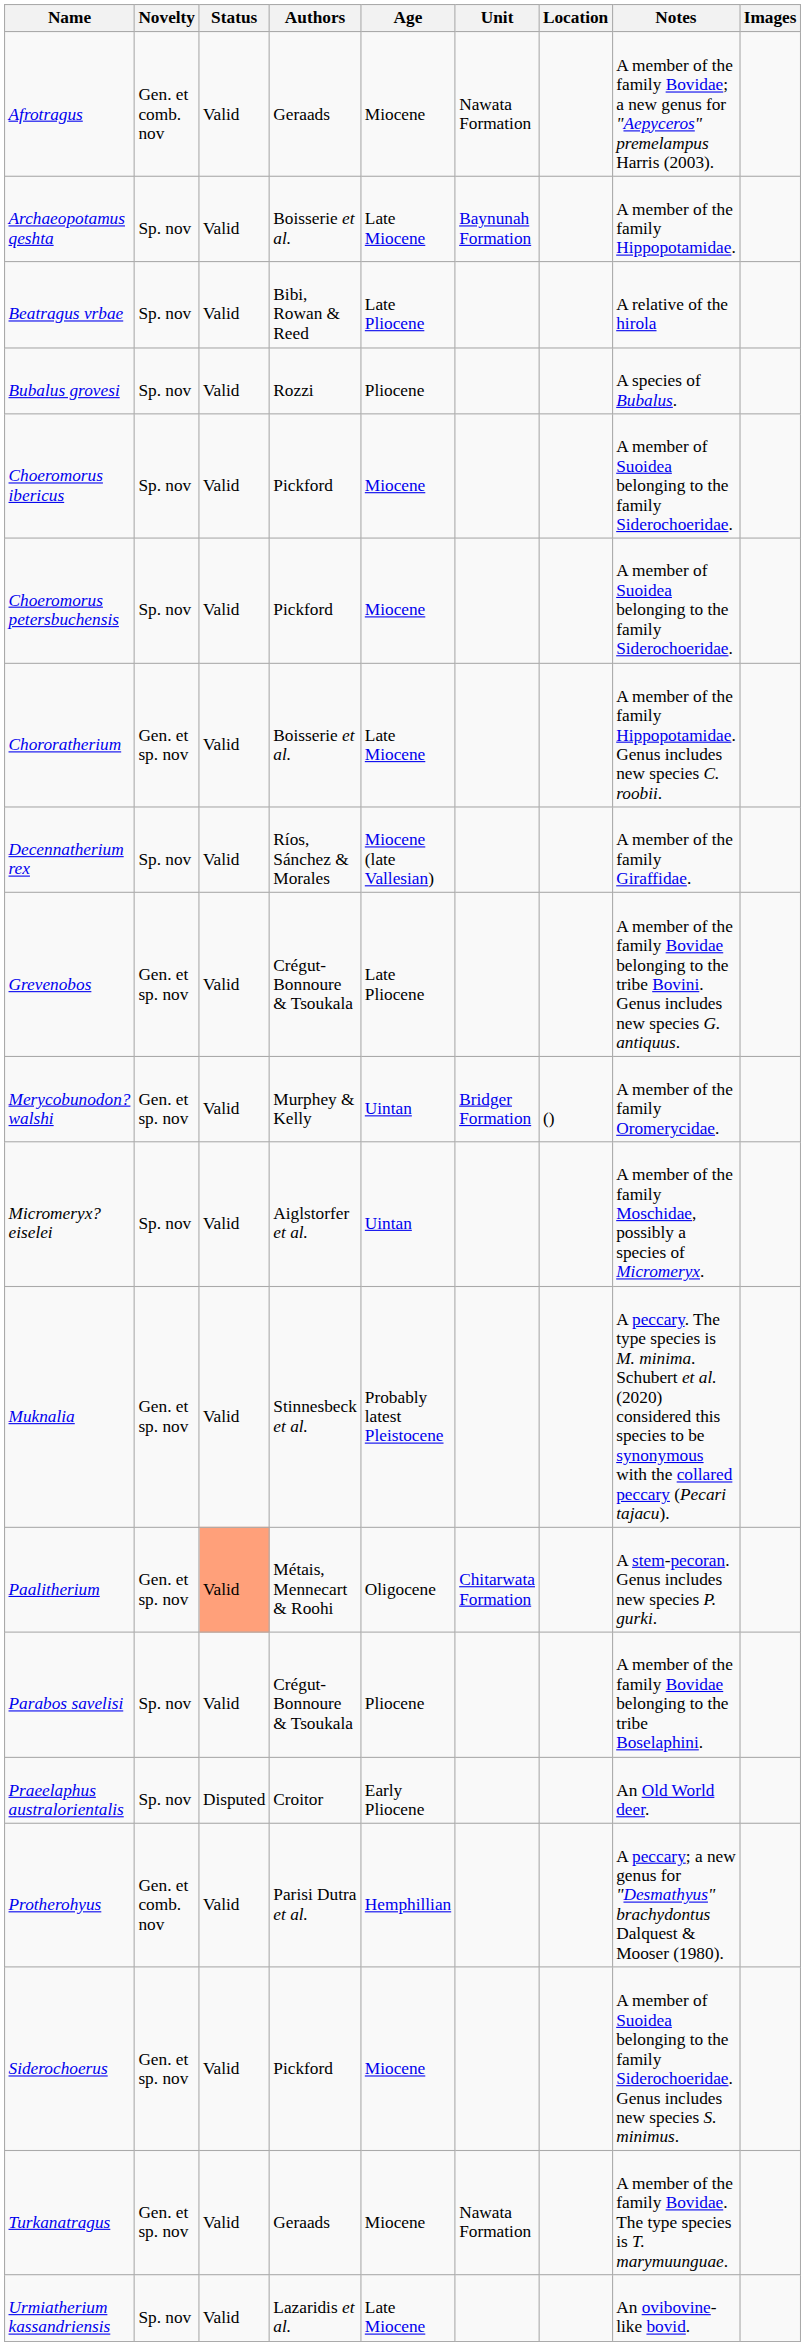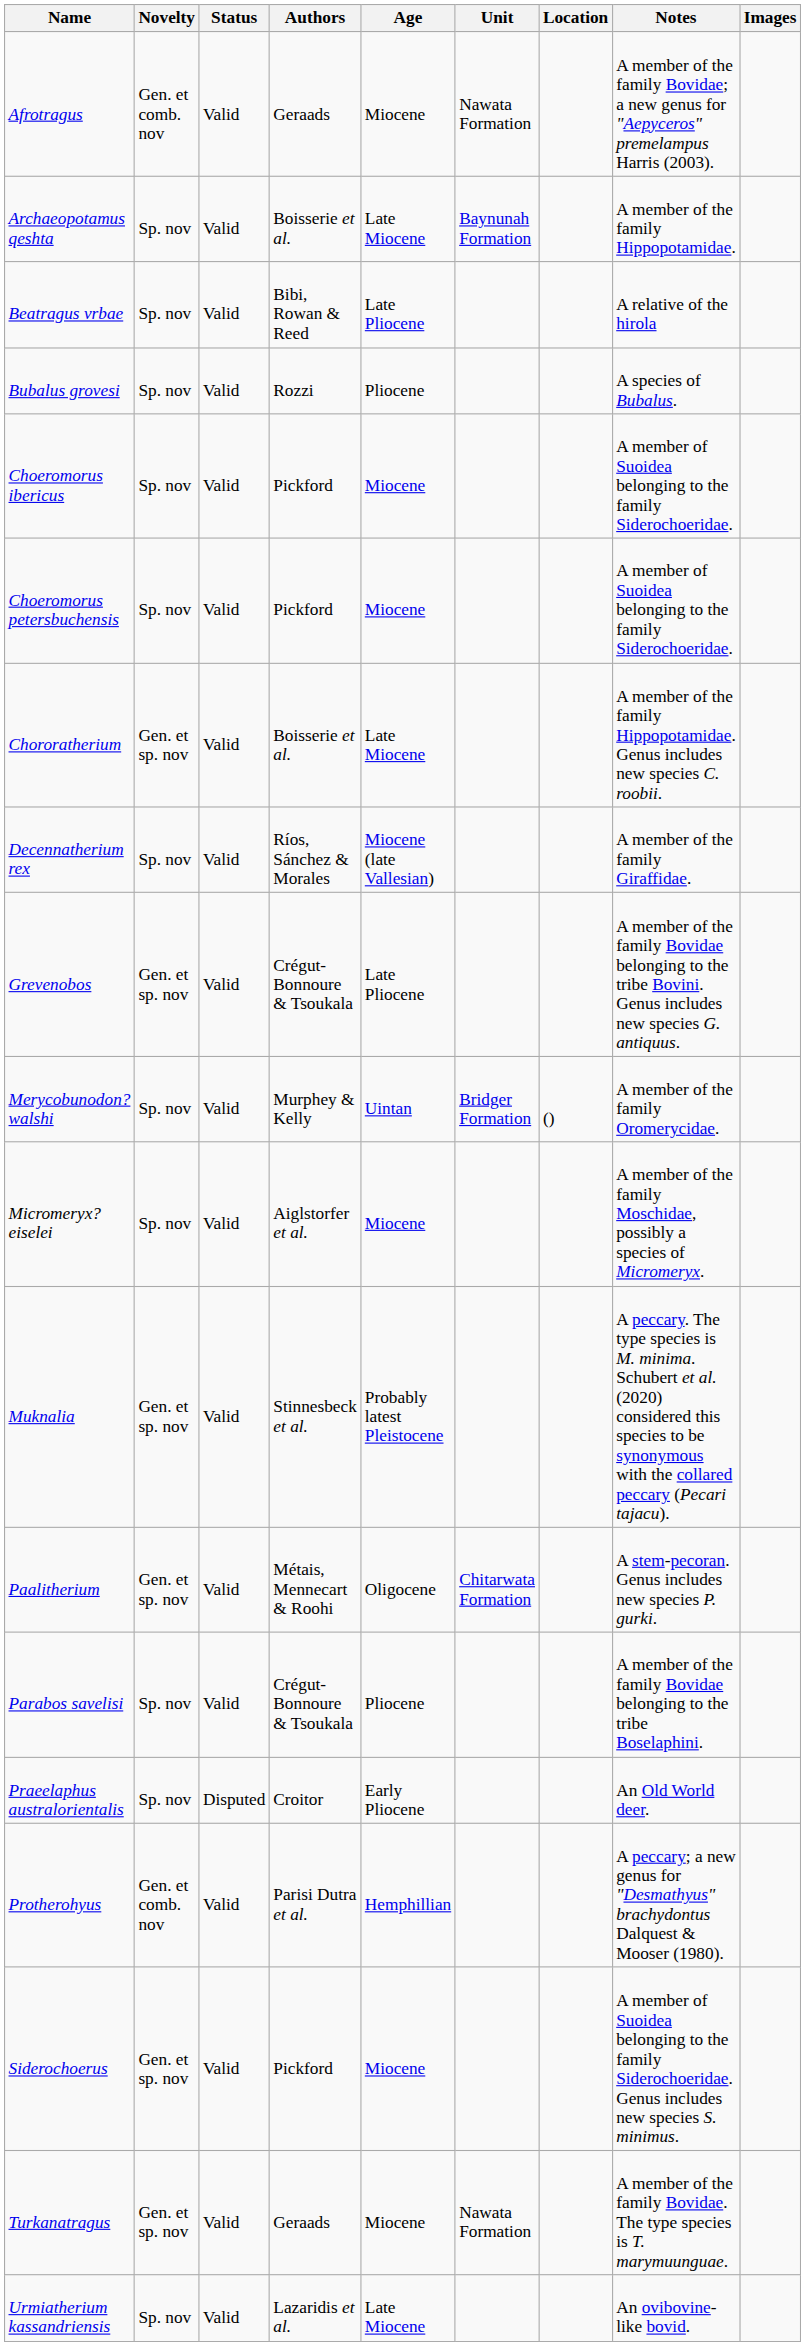 <table class="wikitable sortable" align="center" width="100%">
 <tr>
 <th>Name</th>
 <th>Novelty</th>
 <th>Status</th>
 <th>Authors</th>
 <th>Age</th>
 <th>Unit</th>
 <th>Location</th>
 <th>Notes</th>
 <th>Images</th>
 </tr>
 <tr>
 <td><br><em><a href='#'>Afrotragus</a></em></td>
 <td><br>Gen. et comb. nov</td>
 <td><br>Valid</td>
 <td><br>Geraads</td>
 <td><br>Miocene</td>
 <td><br>Nawata Formation</td>
 <td><br></td>
 <td><br>A member of the family <a href='#'>Bovidae</a>; a new genus for <em>"<a href='#'>Aepyceros</a>" premelampus</em> Harris (2003).</td>
 <td></td>
 </tr>
 <tr>
 <td><br><em><a href='#'>Archaeopotamus qeshta</a></em></td>
 <td><br>Sp. nov</td>
 <td><br>Valid</td>
 <td><br>Boisserie <em>et al.</em></td>
 <td><br>Late <a href='#'>Miocene</a></td>
 <td><br><a href='#'>Baynunah Formation</a></td>
 <td><br></td>
 <td><br>A member of the family <a href='#'>Hippopotamidae</a>.</td>
 <td></td>
 </tr>
 <tr>
 <td><br><em><a href='#'>Beatragus vrbae</a></em></td>
 <td><br>Sp. nov</td>
 <td><br>Valid</td>
 <td><br>Bibi, Rowan & Reed</td>
 <td><br>Late <a href='#'>Pliocene</a></td>
 <td></td>
 <td><br></td>
 <td><br>A relative of the <a href='#'>hirola</a></td>
 <td></td>
 </tr>
 <tr>
 <td><br><em><a href='#'>Bubalus grovesi</a></em></td>
 <td><br>Sp. nov</td>
 <td><br>Valid</td>
 <td><br>Rozzi</td>
 <td><br>Pliocene</td>
 <td></td>
 <td><br></td>
 <td><br>A species of <em><a href='#'>Bubalus</a></em>.</td>
 <td></td>
 </tr>
 <tr>
 <td><br><em><a href='#'>Choeromorus ibericus</a></em></td>
 <td><br>Sp. nov</td>
 <td><br>Valid</td>
 <td><br>Pickford</td>
 <td><br><a href='#'>Miocene</a></td>
 <td></td>
 <td><br><br> </td>
 <td><br>A member of <a href='#'>Suoidea</a> belonging to the family <a href='#'>Siderochoeridae</a>.</td>
 <td></td>
 </tr>
 <tr>
 <td><br><em><a href='#'>Choeromorus petersbuchensis</a></em></td>
 <td><br>Sp. nov</td>
 <td><br>Valid</td>
 <td><br>Pickford</td>
 <td><br><a href='#'>Miocene</a></td>
 <td></td>
 <td><br></td>
 <td><br>A member of <a href='#'>Suoidea</a> belonging to the family <a href='#'>Siderochoeridae</a>.</td>
 <td></td>
 </tr>
 <tr>
 <td><br><em><a href='#'>Chororatherium</a></em></td>
 <td><br>Gen. et sp. nov</td>
 <td><br>Valid</td>
 <td><br>Boisserie <em>et al.</em></td>
 <td><br>Late <a href='#'>Miocene</a></td>
 <td></td>
 <td><br></td>
 <td><br>A member of the family <a href='#'>Hippopotamidae</a>. Genus includes new species <em>C. roobii</em>.</td>
 <td></td>
 </tr>
 <tr>
 <td><br><em><a href='#'>Decennatherium rex</a></em></td>
 <td><br>Sp. nov</td>
 <td><br>Valid</td>
 <td><br>Ríos, Sánchez & Morales</td>
 <td><br><a href='#'>Miocene</a> (late <a href='#'>Vallesian</a>)</td>
 <td></td>
 <td><br></td>
 <td><br>A member of the family <a href='#'>Giraffidae</a>.</td>
 <td></td>
 </tr>
 <tr>
 <td><br><em><a href='#'>Grevenobos</a></em></td>
 <td><br>Gen. et sp. nov</td>
 <td><br>Valid</td>
 <td><br>Crégut-Bonnoure & Tsoukala</td>
 <td><br>Late Pliocene</td>
 <td></td>
 <td><br></td>
 <td><br>A member of the family <a href='#'>Bovidae</a> belonging to the tribe <a href='#'>Bovini</a>. Genus includes new species <em>G. antiquus</em>.</td>
 <td></td>
 </tr>
 <tr>
 <td><br><em><a href='#'>Merycobunodon? walshi</a></em></td>
-<td><br>Gen. et sp. nov</td>
+<td><br>Sp. nov</td>
 <td><br>Valid</td>
 <td><br>Murphey & Kelly</td>
 <td><br><a href='#'>Uintan</a></td>
 <td><br><a href='#'>Bridger Formation</a></td>
 <td><br><br>()</td>
 <td><br>A member of the family <a href='#'>Oromerycidae</a>.</td>
 <td></td>
 </tr>
 <tr>
 <td><br><em>Micromeryx? eiselei</em></td>
 <td><br>Sp. nov</td>
 <td><br>Valid</td>
 <td><br>Aiglstorfer <em>et al.</em></td>
-<td><br><a href='#'>Uintan</a></td>
+<td><br><a href='#'>Miocene</a></td>
 <td></td>
 <td><br></td>
 <td><br>A member of the family <a href='#'>Moschidae</a>, possibly a species of <em><a href='#'>Micromeryx</a></em>.</td>
 <td></td>
 </tr>
 <tr>
 <td><br><em><a href='#'>Muknalia</a></em></td>
 <td><br>Gen. et sp. nov</td>
 <td><br>Valid</td>
 <td><br>Stinnesbeck <em>et al.</em></td>
 <td><br>Probably latest <a href='#'>Pleistocene</a></td>
 <td></td>
 <td><br></td>
 <td><br>A <a href='#'>peccary</a>. The type species is <em>M. minima</em>. Schubert <em>et al.</em> (2020) considered this species to be <a href='#'>synonymous</a> with the <a href='#'>collared peccary</a> (<em>Pecari tajacu</em>).</td>
 <td></td>
 </tr>
 <tr>
 <td><br><em><a href='#'>Paalitherium</a></em></td>
 <td><br>Gen. et sp. nov</td>
-<td style="background: lightsalmon;"><br>Valid</td>
+<td><br>Valid</td>
 <td><br>Métais, Mennecart & Roohi</td>
 <td><br>Oligocene</td>
 <td><br><a href='#'>Chitarwata Formation</a></td>
 <td><br></td>
 <td><br>A <a href='#'>stem</a>-<a href='#'>pecoran</a>. Genus includes new species <em>P. gurki</em>.</td>
 <td></td>
 </tr>
 <tr>
 <td><br><em><a href='#'>Parabos savelisi</a></em></td>
 <td><br>Sp. nov</td>
 <td><br>Valid</td>
 <td><br>Crégut-Bonnoure & Tsoukala</td>
 <td><br>Pliocene</td>
 <td></td>
 <td><br></td>
 <td><br>A member of the family <a href='#'>Bovidae</a> belonging to the tribe <a href='#'>Boselaphini</a>.</td>
 <td></td>
 </tr>
 <tr>
 <td><br><em><a href='#'>Praeelaphus australorientalis</a></em></td>
 <td><br>Sp. nov</td>
 <td><br>Disputed</td>
 <td><br>Croitor</td>
 <td><br>Early Pliocene</td>
 <td></td>
 <td><br><br> </td>
 <td><br>An <a href='#'>Old World deer</a>.</td>
 <td></td>
 </tr>
 <tr>
 <td><br><em><a href='#'>Protherohyus</a></em></td>
 <td><br>Gen. et comb. nov</td>
 <td><br>Valid</td>
 <td><br>Parisi Dutra <em>et al.</em></td>
 <td><br><a href='#'>Hemphillian</a></td>
 <td></td>
 <td><br><br> </td>
 <td><br>A <a href='#'>peccary</a>; a new genus for <em>"<a href='#'>Desmathyus</a>" brachydontus</em> Dalquest & Mooser (1980).</td>
 <td></td>
 </tr>
 <tr>
 <td><br><em><a href='#'>Siderochoerus</a></em></td>
 <td><br>Gen. et sp. nov</td>
 <td><br>Valid</td>
 <td><br>Pickford</td>
 <td><br><a href='#'>Miocene</a></td>
 <td></td>
 <td><br></td>
 <td><br>A member of <a href='#'>Suoidea</a> belonging to the family <a href='#'>Siderochoeridae</a>. Genus includes new species <em>S. minimus</em>.</td>
 <td></td>
 </tr>
 <tr>
 <td><br><em><a href='#'>Turkanatragus</a></em></td>
 <td><br>Gen. et sp. nov</td>
 <td><br>Valid</td>
 <td><br>Geraads</td>
 <td><br>Miocene</td>
 <td><br>Nawata Formation</td>
 <td><br></td>
 <td><br>A member of the family <a href='#'>Bovidae</a>. The type species is <em>T. marymuunguae</em>.</td>
 <td></td>
 </tr>
 <tr>
 <td><br><em><a href='#'>Urmiatherium kassandriensis</a></em></td>
 <td><br>Sp. nov</td>
 <td><br>Valid</td>
 <td><br>Lazaridis <em>et al.</em></td>
 <td><br>Late <a href='#'>Miocene</a></td>
 <td></td>
 <td><br></td>
 <td><br>An <a href='#'>ovibovine</a>-like <a href='#'>bovid</a>.</td>
 <td></td>
 </tr>
 <tr>
 </tr>
 </table>
